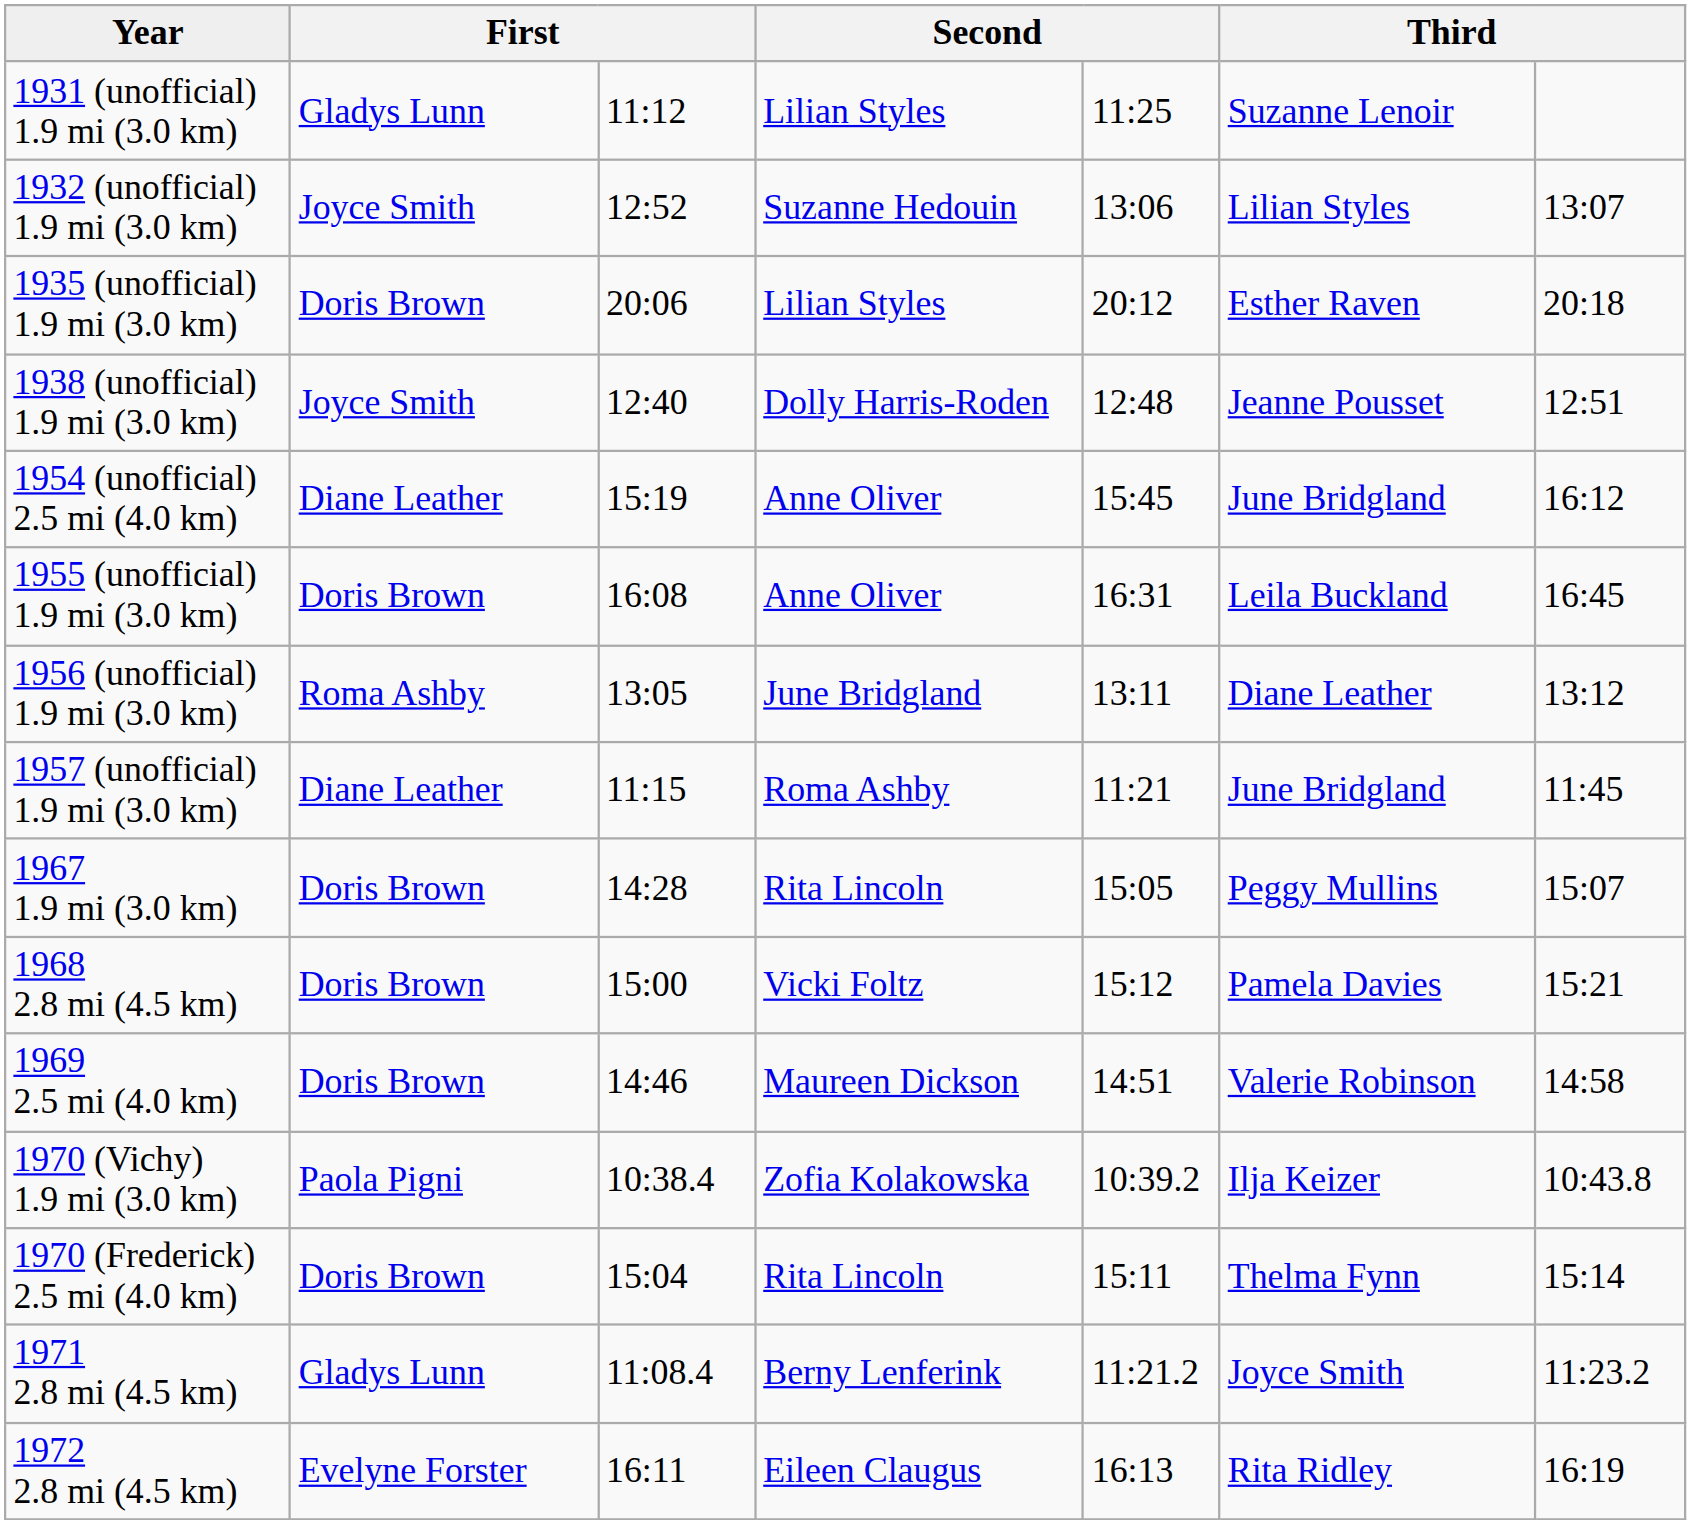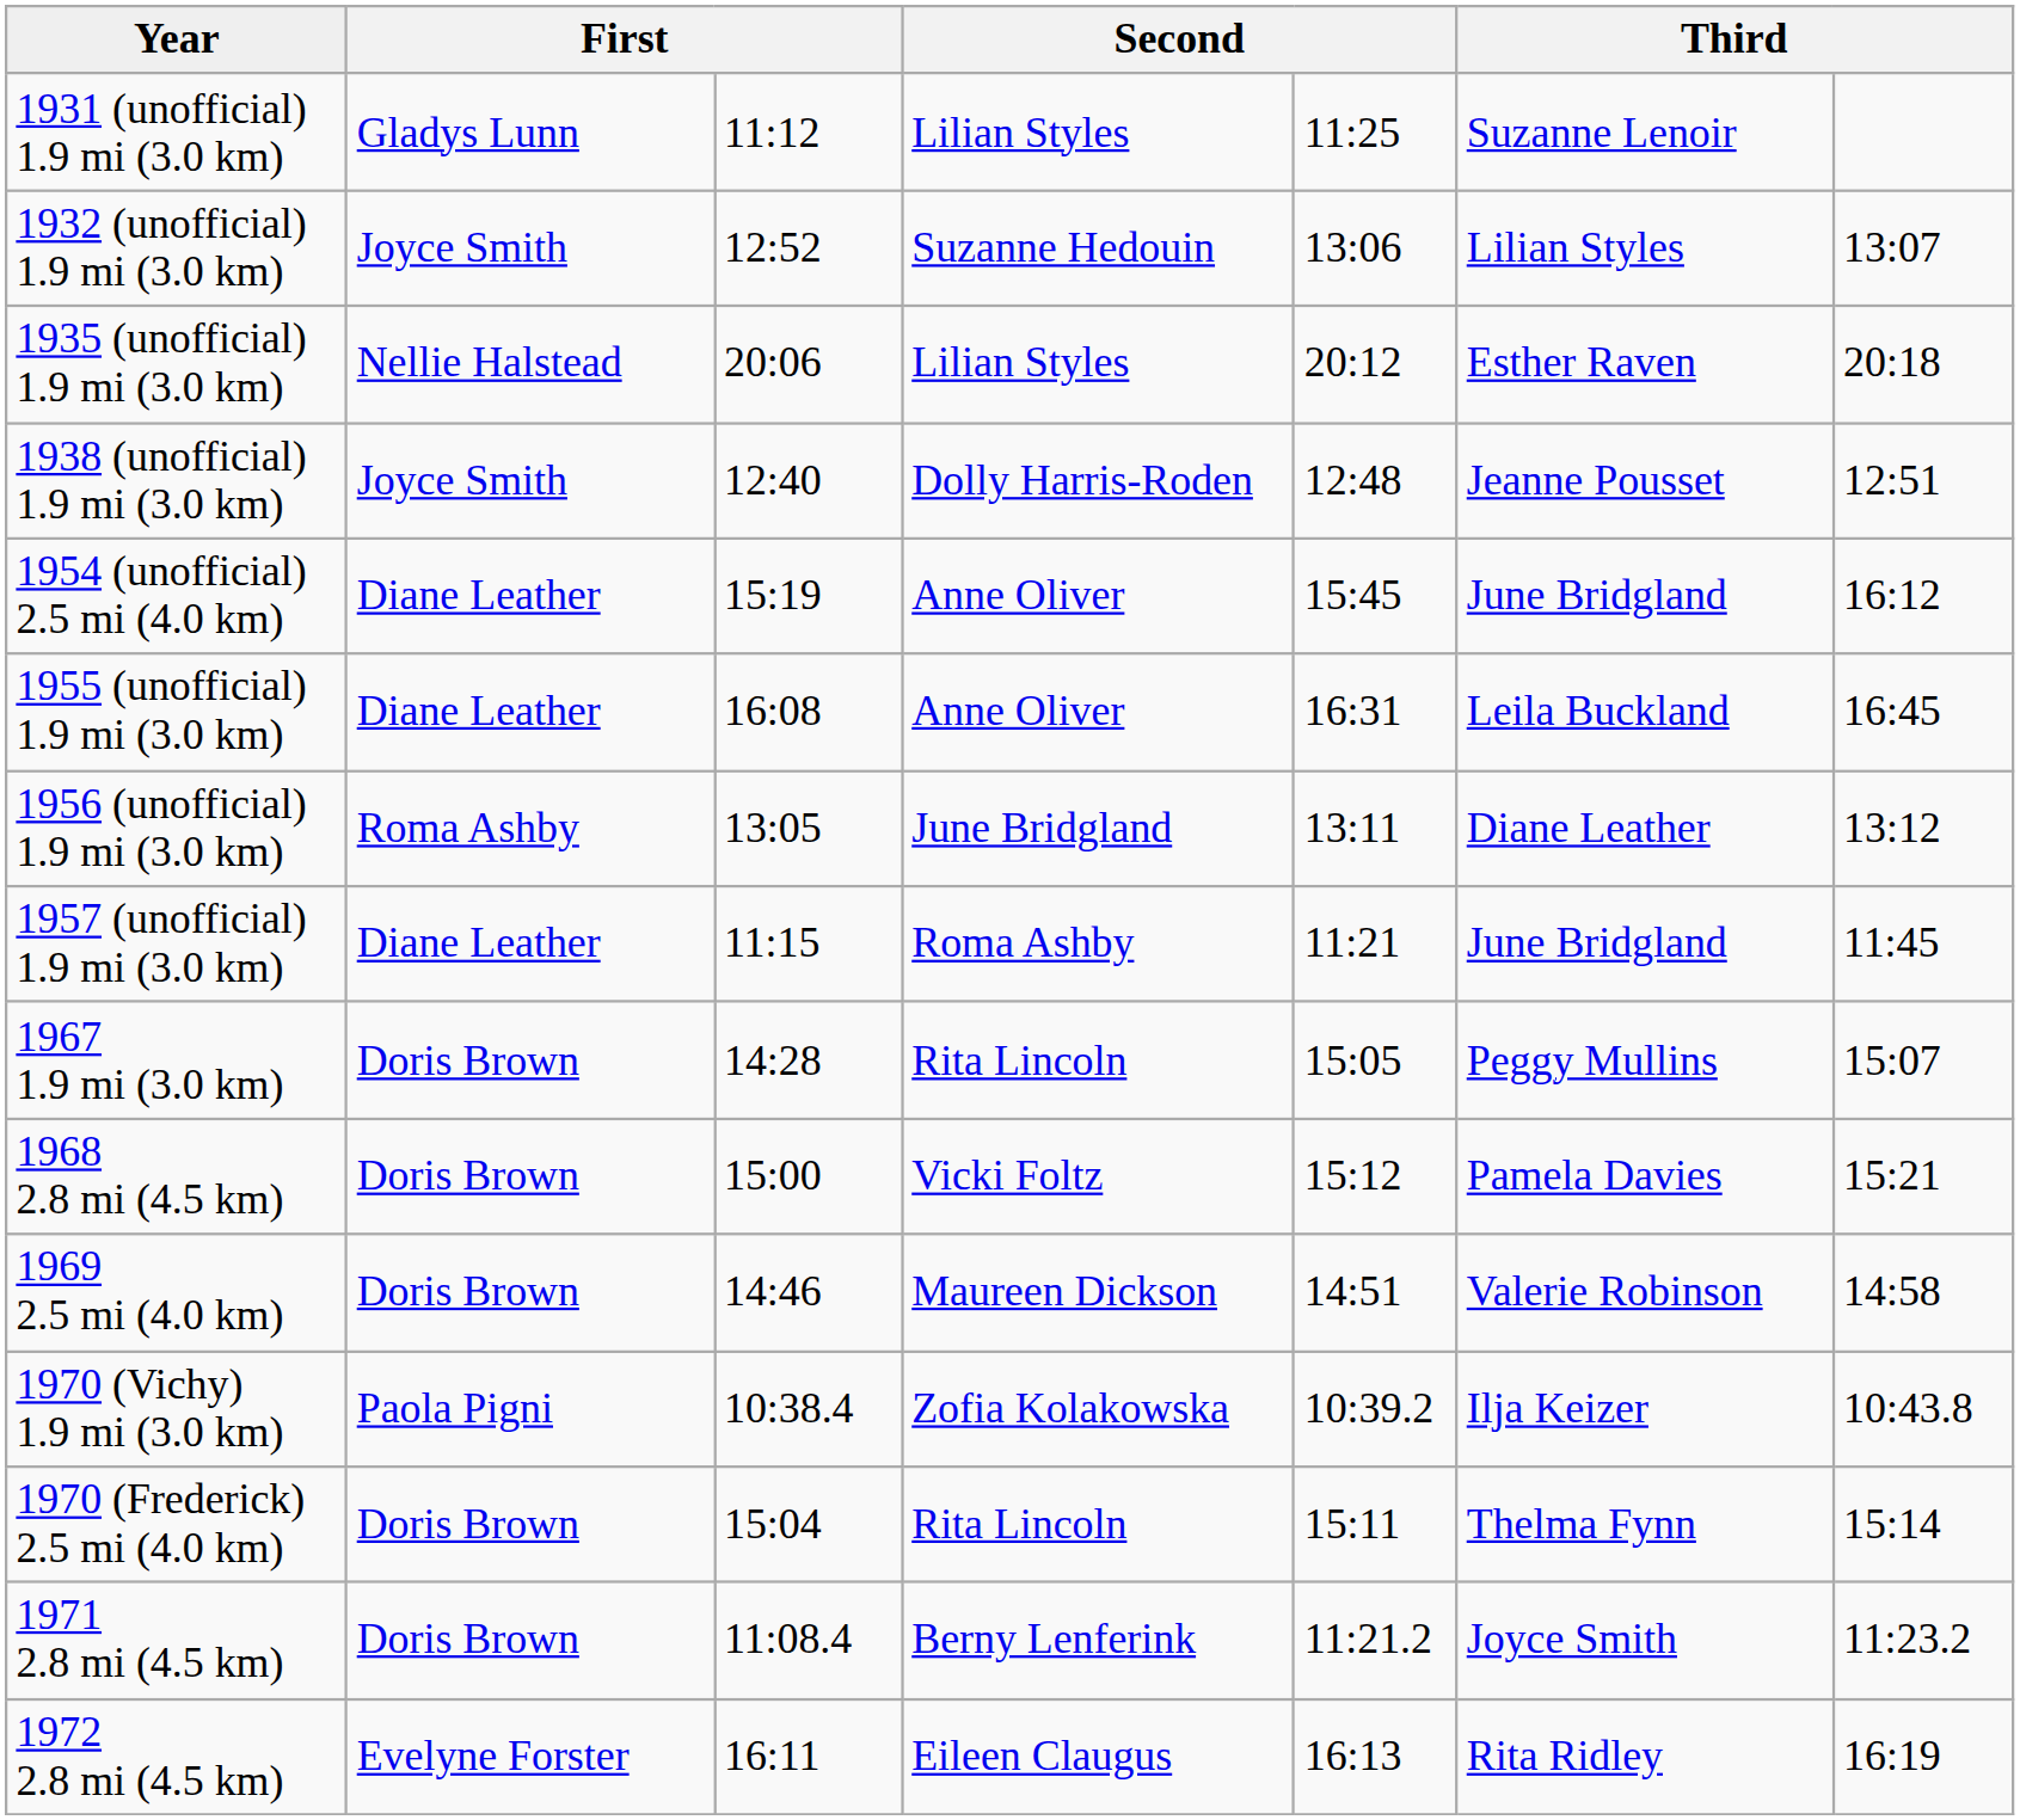 <table class="wikitable" border="1" style="font-size:100%">
 <tr align=center>
 <th scope=col style="width:120px; background: #efefef;">Year</th>
 <th scope=col colspan=2 style="width:200px;"> First</th>
 <th scope=col colspan=2 style="width:200px;"> Second</th>
 <th scope=col colspan=2 style="width:200px;"> Third</th>
 </tr>
 <tr>
 <td><a href='#'>1931</a> (unofficial)<br>1.9 mi (3.0 km)</td>
 <td><a href='#'>Gladys Lunn</a><br></td>
 <td>11:12</td>
 <td><a href='#'>Lilian Styles</a><br></td>
 <td>11:25</td>
 <td><a href='#'>Suzanne Lenoir</a><br></td>
 <td></td>
 </tr>
 <tr>
 <td><a href='#'>1932</a> (unofficial)<br>1.9 mi (3.0 km)</td>
 <td><a href='#'>Joyce Smith</a><br></td>
 <td>12:52</td>
 <td><a href='#'>Suzanne Hedouin</a><br></td>
 <td>13:06</td>
 <td><a href='#'>Lilian Styles</a><br></td>
 <td>13:07</td>
 </tr>
 <tr>
 <td><a href='#'>1935</a> (unofficial)<br>1.9 mi (3.0 km)</td>
-<td><a href='#'>Doris Brown</a><br></td>
+<td><a href='#'>Nellie Halstead</a><br></td>
 <td>20:06</td>
 <td><a href='#'>Lilian Styles</a><br></td>
 <td>20:12</td>
 <td><a href='#'>Esther Raven</a><br></td>
 <td>20:18</td>
 </tr>
 <tr>
 <td><a href='#'>1938</a> (unofficial)<br>1.9 mi (3.0 km)</td>
 <td><a href='#'>Joyce Smith</a><br></td>
 <td>12:40</td>
 <td><a href='#'>Dolly Harris-Roden</a><br></td>
 <td>12:48</td>
 <td><a href='#'>Jeanne Pousset</a><br></td>
 <td>12:51</td>
 </tr>
 <tr>
 <td><a href='#'>1954</a> (unofficial)<br>2.5 mi (4.0 km)</td>
 <td><a href='#'>Diane Leather</a><br></td>
 <td>15:19</td>
 <td><a href='#'>Anne Oliver</a><br></td>
 <td>15:45</td>
 <td><a href='#'>June Bridgland</a><br></td>
 <td>16:12</td>
 </tr>
 <tr>
 <td><a href='#'>1955</a> (unofficial)<br>1.9 mi (3.0 km)</td>
-<td><a href='#'>Doris Brown</a><br></td>
+<td><a href='#'>Diane Leather</a><br></td>
 <td>16:08</td>
 <td><a href='#'>Anne Oliver</a><br></td>
 <td>16:31</td>
 <td><a href='#'>Leila Buckland</a><br></td>
 <td>16:45</td>
 </tr>
 <tr>
 <td><a href='#'>1956</a> (unofficial)<br>1.9 mi (3.0 km)</td>
 <td><a href='#'>Roma Ashby</a><br></td>
 <td>13:05</td>
 <td><a href='#'>June Bridgland</a><br></td>
 <td>13:11</td>
 <td><a href='#'>Diane Leather</a><br></td>
 <td>13:12</td>
 </tr>
 <tr>
 <td><a href='#'>1957</a> (unofficial)<br>1.9 mi (3.0 km)</td>
 <td><a href='#'>Diane Leather</a><br></td>
 <td>11:15</td>
 <td><a href='#'>Roma Ashby</a><br></td>
 <td>11:21</td>
 <td><a href='#'>June Bridgland</a><br></td>
 <td>11:45</td>
 </tr>
 <tr>
 <td><a href='#'>1967</a><br>1.9 mi (3.0 km)</td>
 <td><a href='#'>Doris Brown</a><br></td>
 <td>14:28</td>
 <td><a href='#'>Rita Lincoln</a><br></td>
 <td>15:05</td>
 <td><a href='#'>Peggy Mullins</a><br></td>
 <td>15:07</td>
 </tr>
 <tr>
 <td><a href='#'>1968</a><br>2.8 mi (4.5 km)</td>
 <td><a href='#'>Doris Brown</a><br></td>
 <td>15:00</td>
 <td><a href='#'>Vicki Foltz</a><br></td>
 <td>15:12</td>
 <td><a href='#'>Pamela Davies</a><br></td>
 <td>15:21</td>
 </tr>
 <tr>
 <td><a href='#'>1969</a><br>2.5 mi (4.0 km)</td>
 <td><a href='#'>Doris Brown</a><br></td>
 <td>14:46</td>
 <td><a href='#'>Maureen Dickson</a><br></td>
 <td>14:51</td>
 <td><a href='#'>Valerie Robinson</a><br></td>
 <td>14:58</td>
 </tr>
 <tr>
 <td><a href='#'>1970</a> (Vichy)<br>1.9 mi (3.0 km)</td>
 <td><a href='#'>Paola Pigni</a><br></td>
 <td>10:38.4</td>
 <td><a href='#'>Zofia Kolakowska</a><br></td>
 <td>10:39.2</td>
 <td><a href='#'>Ilja Keizer</a><br></td>
 <td>10:43.8</td>
 </tr>
 <tr>
 <td><a href='#'>1970</a> (Frederick)<br>2.5 mi (4.0 km)</td>
 <td><a href='#'>Doris Brown</a><br></td>
 <td>15:04</td>
 <td><a href='#'>Rita Lincoln</a><br></td>
 <td>15:11</td>
 <td><a href='#'>Thelma Fynn</a><br></td>
 <td>15:14</td>
 </tr>
 <tr>
 <td><a href='#'>1971</a><br>2.8 mi (4.5 km)</td>
-<td><a href='#'>Gladys Lunn</a><br></td>
+<td><a href='#'>Doris Brown</a><br></td>
 <td>11:08.4</td>
 <td><a href='#'>Berny Lenferink</a><br></td>
 <td>11:21.2</td>
 <td><a href='#'>Joyce Smith</a><br></td>
 <td>11:23.2</td>
 </tr>
 <tr>
 <td><a href='#'>1972</a><br>2.8 mi (4.5 km)</td>
 <td><a href='#'>Evelyne Forster</a><br></td>
 <td>16:11</td>
 <td><a href='#'>Eileen Claugus</a><br></td>
 <td>16:13</td>
 <td><a href='#'>Rita Ridley</a><br></td>
 <td>16:19</td>
 </tr>
 </table>
